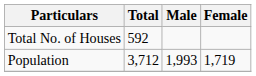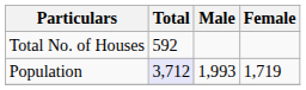 <table class="wikitable sortable">
 <tr>
 <th>Particulars</th>
 <th>Total</th>
 <th>Male</th>
 <th>Female</th>
 </tr>
 <tr>
 <td>Total No. of Houses</td>
 <td>592</td>
 <td></td>
 <td></td>
 </tr>
 <tr>
 <td>Population</td>
-<td>3,712</td>
+<td style="background: lavender;">3,712</td>
 <td>1,993</td>
 <td>1,719</td>
 </tr>
 <tr>
 </tr>
 </table>
